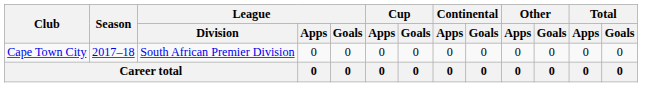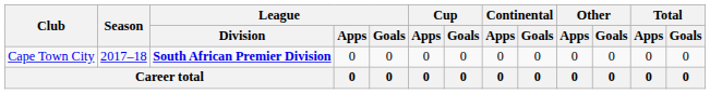 <table class="wikitable" style="text-align: center;">
 <tr>
 <th rowspan="2">Club</th>
 <th rowspan="2">Season</th>
 <th colspan="3">League</th>
 <th colspan="2">Cup</th>
 <th colspan="2">Continental</th>
 <th colspan="2">Other</th>
 <th colspan="2">Total</th>
 </tr>
 <tr>
 <th>Division</th>
 <th>Apps</th>
 <th>Goals</th>
 <th>Apps</th>
 <th>Goals</th>
 <th>Apps</th>
 <th>Goals</th>
 <th>Apps</th>
 <th>Goals</th>
 <th>Apps</th>
 <th>Goals</th>
 </tr>
 <tr>
 <td rowspan="1" valign="center"><a href='#'>Cape Town City</a></td>
 <td><a href='#'>2017–18</a></td>
-<td><a href='#'>South African Premier Division</a></td>
+<td><strong><a href='#'>South African Premier Division</a></strong></td>
 <td>0</td>
 <td>0</td>
 <td>0</td>
 <td>0</td>
 <td>0</td>
 <td>0</td>
 <td>0</td>
 <td>0</td>
 <td>0</td>
 <td>0</td>
 </tr>
 <tr>
 <th colspan="3">Career total</th>
 <th>0</th>
 <th>0</th>
 <th>0</th>
 <th>0</th>
 <th>0</th>
 <th>0</th>
 <th>0</th>
 <th>0</th>
 <th>0</th>
 <th>0</th>
 </tr>
 </table>
